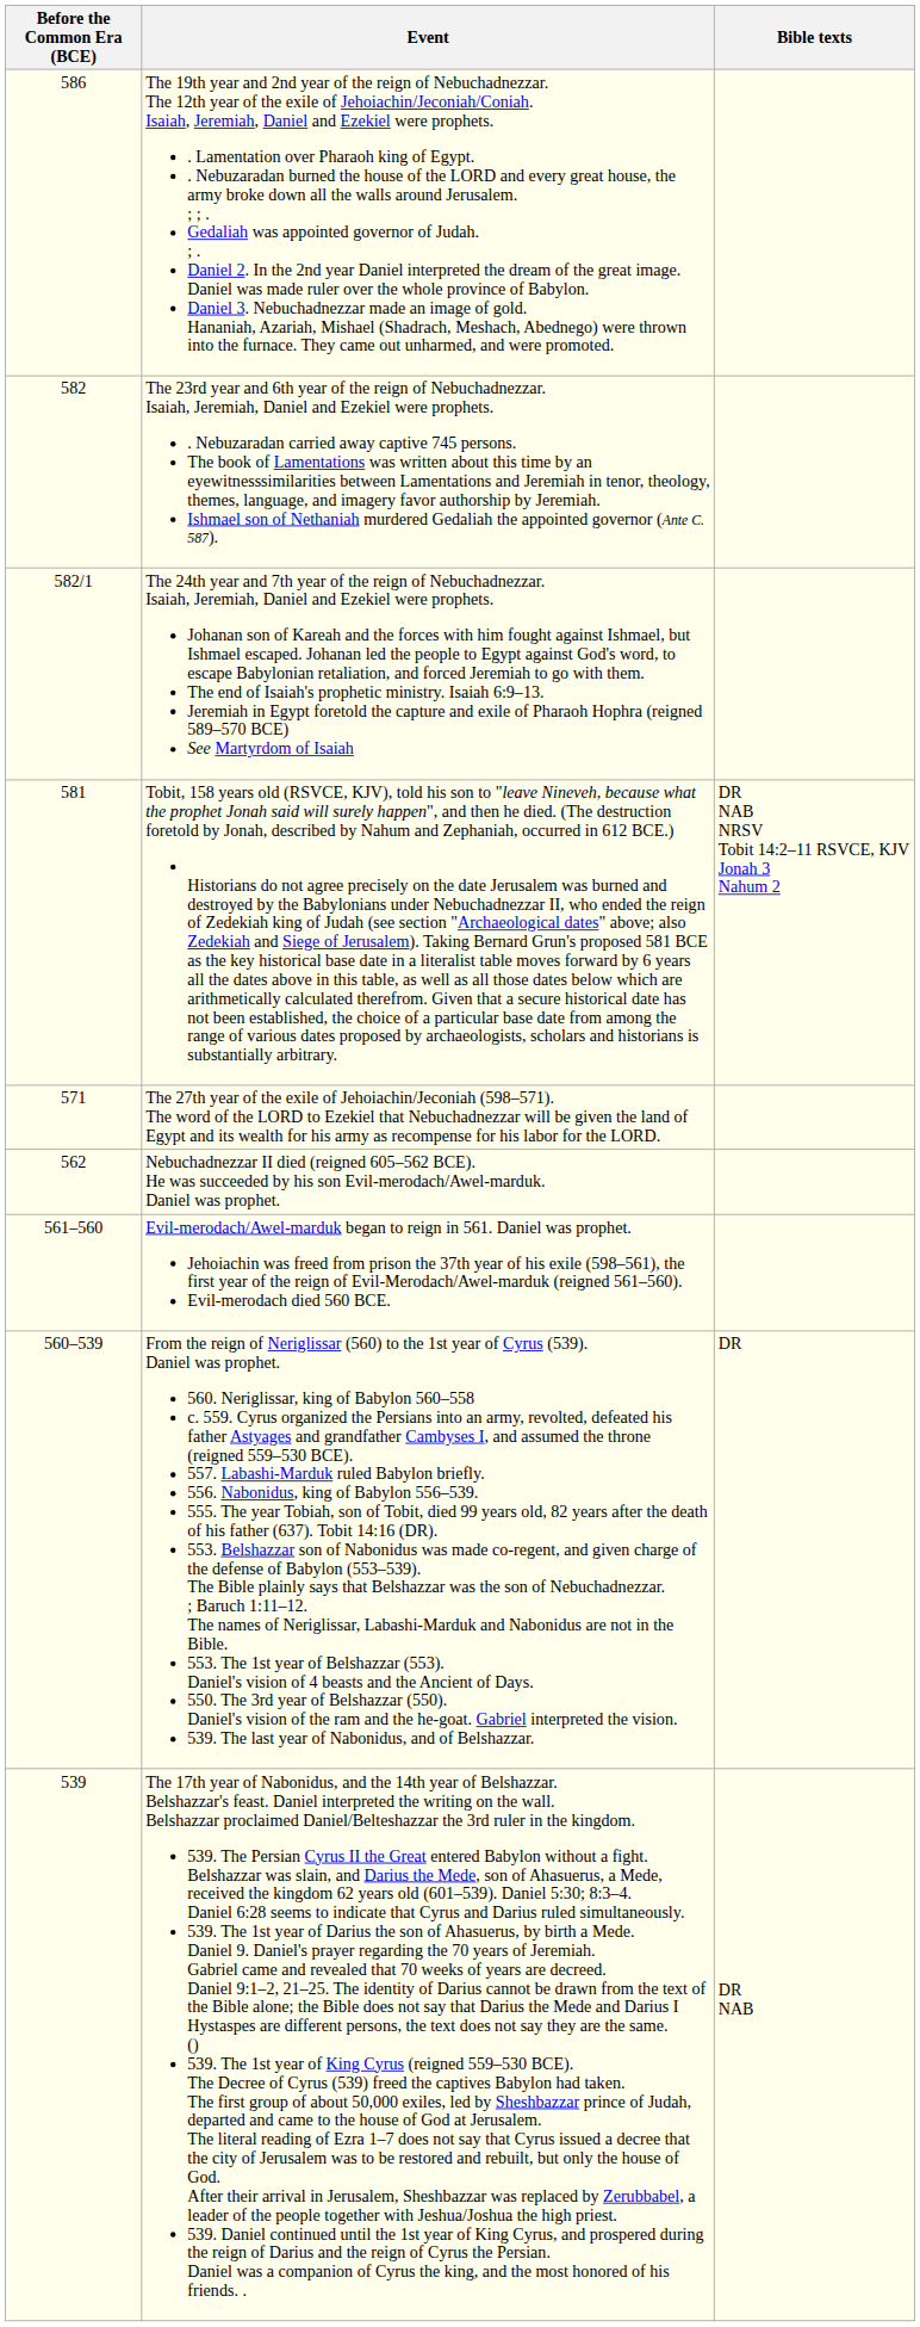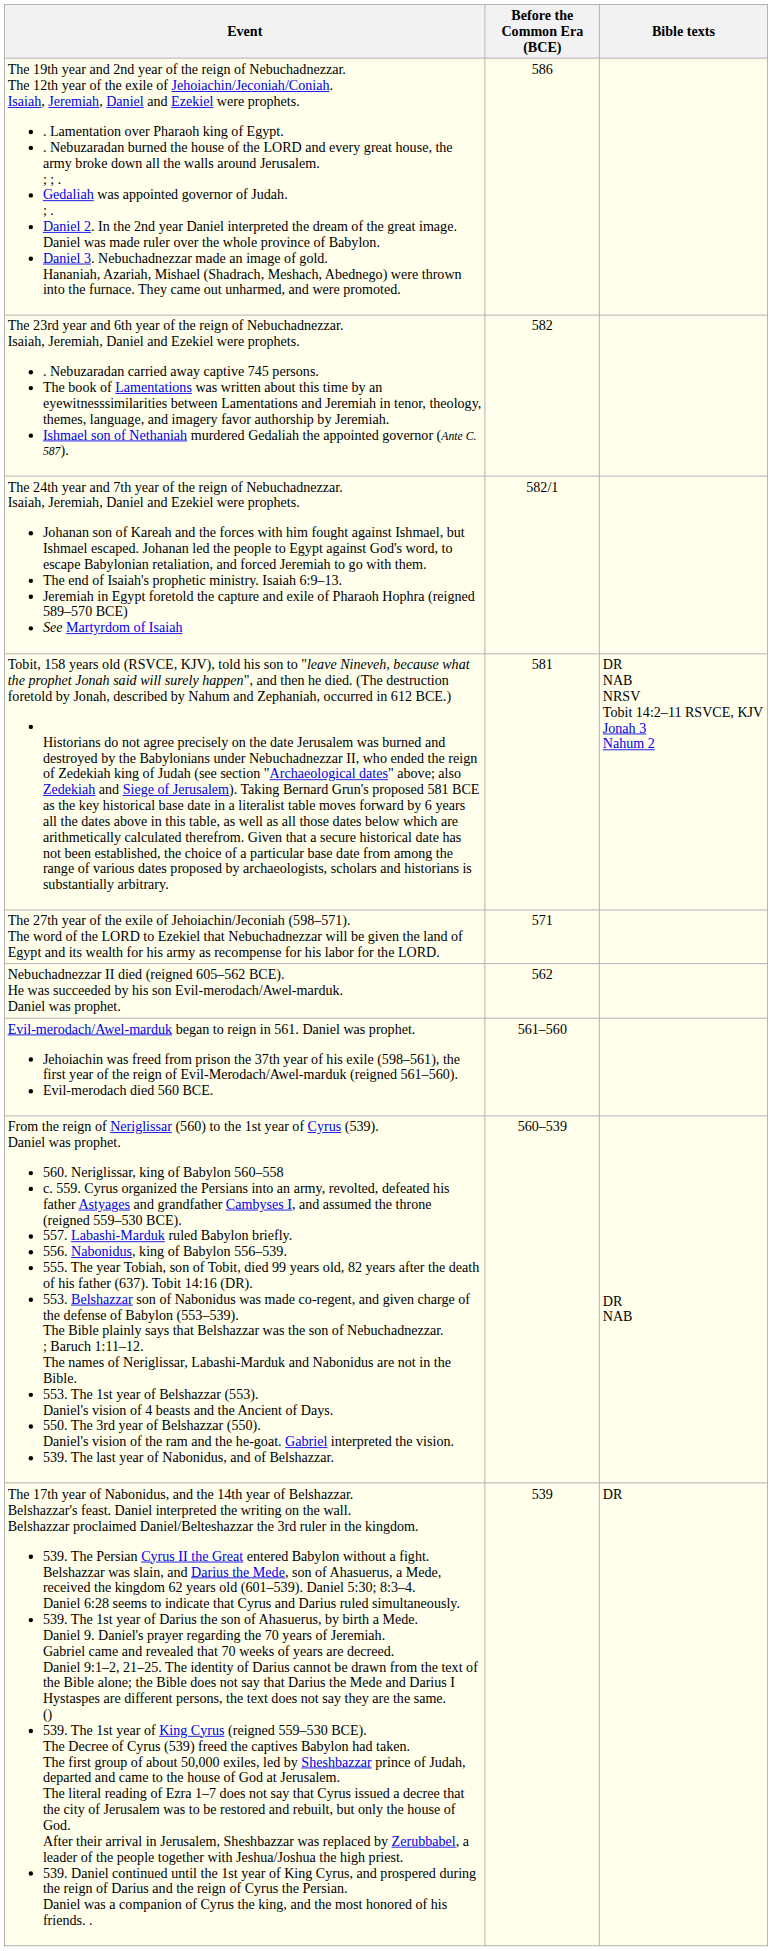 <table class="wikitable" style="align:center;">
 <tr>
+<th style="width:63%;">Event</th>
 <th style="width:15%;">Before the Common Era<br>(BCE)</th>
-<th style="width:63%;">Event</th>
 <th style="width:22%;">Bible texts</th>
 </tr>
 <tr style="text-align:left; background:#ffffec; vertical-align:top;">
+<td>The 19th year and 2nd year of the reign of Nebuchadnezzar. <br> The 12th year of the exile of <a href='#'>Jehoiachin/Jeconiah/Coniah</a>. <br> <a href='#'>Isaiah</a>, <a href='#'>Jeremiah</a>, <a href='#'>Daniel</a> and <a href='#'>Ezekiel</a> were prophets.<br><ul><li>. Lamentation over Pharaoh king of Egypt.</li><li>. Nebuzaradan burned the house of the LORD and every great house, the army broke down all the walls around Jerusalem. <br> ; ; .</li><li><a href='#'>Gedaliah</a> was appointed governor of Judah. <br> ; .</li><li><a href='#'>Daniel 2</a>. In the 2nd year Daniel interpreted the dream of the great image. <br> Daniel was made ruler over the whole province of Babylon.</li><li><a href='#'>Daniel 3</a>. Nebuchadnezzar made an image of gold. <br> Hananiah, Azariah, Mishael (Shadrach, Meshach, Abednego) were thrown into the furnace. They came out unharmed, and were promoted.</li></ul></td>
 <td style="text-align:center;">586 <br> </td>
-<td>The 19th year and 2nd year of the reign of Nebuchadnezzar. <br> The 12th year of the exile of <a href='#'>Jehoiachin/Jeconiah/Coniah</a>. <br> <a href='#'>Isaiah</a>, <a href='#'>Jeremiah</a>, <a href='#'>Daniel</a> and <a href='#'>Ezekiel</a> were prophets.<br><ul><li>. Lamentation over Pharaoh king of Egypt.</li><li>. Nebuzaradan burned the house of the LORD and every great house, the army broke down all the walls around Jerusalem. <br> ; ; .</li><li><a href='#'>Gedaliah</a> was appointed governor of Judah. <br> ; .</li><li><a href='#'>Daniel 2</a>. In the 2nd year Daniel interpreted the dream of the great image. <br> Daniel was made ruler over the whole province of Babylon.</li><li><a href='#'>Daniel 3</a>. Nebuchadnezzar made an image of gold. <br> Hananiah, Azariah, Mishael (Shadrach, Meshach, Abednego) were thrown into the furnace. They came out unharmed, and were promoted.</li></ul></td>
 <td> <br>  <br>  <br>  <br><br>  <br>  <br>  <br> </td>
 </tr>
 <tr style="text-align:left; background:#ffffec; vertical-align:top;">
+<td>The 23rd year and 6th year of the reign of Nebuchadnezzar. <br> Isaiah, Jeremiah, Daniel and Ezekiel were prophets.<br><ul><li>. Nebuzaradan carried away captive 745 persons.</li><li>The book of <a href='#'>Lamentations</a> was written about this time by an eyewitnesssimilarities between Lamentations and Jeremiah in tenor, theology, themes, language, and imagery favor authorship by Jeremiah.</li><li><a href='#'>Ishmael son of Nethaniah</a> murdered Gedaliah the appointed governor (<small><em>Ante C. 587</em></small>).</li></ul></td>
 <td style="text-align:center;">582 <br> </td>
-<td>The 23rd year and 6th year of the reign of Nebuchadnezzar. <br> Isaiah, Jeremiah, Daniel and Ezekiel were prophets.<br><ul><li>. Nebuzaradan carried away captive 745 persons.</li><li>The book of <a href='#'>Lamentations</a> was written about this time by an eyewitnesssimilarities between Lamentations and Jeremiah in tenor, theology, themes, language, and imagery favor authorship by Jeremiah.</li><li><a href='#'>Ishmael son of Nethaniah</a> murdered Gedaliah the appointed governor (<small><em>Ante C. 587</em></small>).</li></ul></td>
 <td> <br>  <br> </td>
 </tr>
 <tr style="text-align:left; background:#ffffec; vertical-align:top;">
+<td>The 24th year and 7th year of the reign of Nebuchadnezzar. <br> Isaiah, Jeremiah, Daniel and Ezekiel were prophets.<br><ul><li>Johanan son of Kareah and the forces with him fought against Ishmael, but Ishmael escaped. Johanan led the people to Egypt against God's word, to escape Babylonian retaliation, and forced Jeremiah to go with them.</li><li>The end of Isaiah's prophetic ministry. Isaiah 6:9–13.</li><li>Jeremiah in Egypt foretold the capture and exile of Pharaoh Hophra (reigned 589–570 BCE)</li><li><em>See</em> <a href='#'>Martyrdom of Isaiah</a></li></ul></td>
 <td style="text-align:center;">582/1</td>
-<td>The 24th year and 7th year of the reign of Nebuchadnezzar. <br> Isaiah, Jeremiah, Daniel and Ezekiel were prophets.<br><ul><li>Johanan son of Kareah and the forces with him fought against Ishmael, but Ishmael escaped. Johanan led the people to Egypt against God's word, to escape Babylonian retaliation, and forced Jeremiah to go with them.</li><li>The end of Isaiah's prophetic ministry. Isaiah 6:9–13.</li><li>Jeremiah in Egypt foretold the capture and exile of Pharaoh Hophra (reigned 589–570 BCE)</li><li><em>See</em> <a href='#'>Martyrdom of Isaiah</a></li></ul></td>
 <td> <br> </td>
 </tr>
 <tr style="text-align:left; background:#ffffec; vertical-align:top;">
+<td>Tobit, 158 years old (RSVCE, KJV), told his son to "<em>leave Nineveh, because what the prophet Jonah said will surely happen</em>", and then he died. (The destruction foretold by Jonah, described by Nahum and Zephaniah, occurred in 612 BCE.)<br><ul><li> <br> Historians do not agree precisely on the date Jerusalem was burned and destroyed by the Babylonians under Nebuchadnezzar II, who ended the reign of Zedekiah king of Judah (see section "<a href='#'>Archaeological dates</a>" above; also <a href='#'>Zedekiah</a> and <a href='#'>Siege of Jerusalem</a>). Taking Bernard Grun's proposed 581 BCE as the key historical base date in a literalist table moves forward by 6 years all the dates above in this table, as well as all those dates below which are arithmetically calculated therefrom. Given that a secure historical date has not been established, the choice of a particular base date from among the range of various dates proposed by archaeologists, scholars and historians is substantially arbitrary.</li></ul></td>
 <td style="text-align:center;">581</td>
-<td>Tobit, 158 years old (RSVCE, KJV), told his son to "<em>leave Nineveh, because what the prophet Jonah said will surely happen</em>", and then he died. (The destruction foretold by Jonah, described by Nahum and Zephaniah, occurred in 612 BCE.)<br><ul><li> <br> Historians do not agree precisely on the date Jerusalem was burned and destroyed by the Babylonians under Nebuchadnezzar II, who ended the reign of Zedekiah king of Judah (see section "<a href='#'>Archaeological dates</a>" above; also <a href='#'>Zedekiah</a> and <a href='#'>Siege of Jerusalem</a>). Taking Bernard Grun's proposed 581 BCE as the key historical base date in a literalist table moves forward by 6 years all the dates above in this table, as well as all those dates below which are arithmetically calculated therefrom. Given that a secure historical date has not been established, the choice of a particular base date from among the range of various dates proposed by archaeologists, scholars and historians is substantially arbitrary.</li></ul></td>
 <td> DR <br>  NAB <br>  NRSV <br> Tobit 14:2–11 RSVCE, KJV <br> <a href='#'>Jonah 3</a> <br> <a href='#'>Nahum 2</a> <br> </td>
 </tr>
 <tr style="text-align:left; background:#ffffec; vertical-align:top;">
+<td>The 27th year of the exile of Jehoiachin/Jeconiah (598–571). <br> The word of the LORD to Ezekiel that Nebuchadnezzar will be given the land of Egypt and its wealth for his army as recompense for his labor for the LORD.</td>
 <td style="text-align:center;">571</td>
-<td>The 27th year of the exile of Jehoiachin/Jeconiah (598–571). <br> The word of the LORD to Ezekiel that Nebuchadnezzar will be given the land of Egypt and its wealth for his army as recompense for his labor for the LORD.</td>
 <td></td>
 </tr>
 <tr style="text-align:left; background:#ffffec; vertical-align:top;">
+<td>Nebuchadnezzar II died (reigned 605–562 BCE). <br> He was succeeded by his son Evil-merodach/Awel-marduk. <br> Daniel was prophet.</td>
 <td style="text-align:center;">562 <br> </td>
-<td>Nebuchadnezzar II died (reigned 605–562 BCE). <br> He was succeeded by his son Evil-merodach/Awel-marduk. <br> Daniel was prophet.</td>
 <td></td>
 </tr>
 <tr style="text-align:left; background:#ffffec; vertical-align:top;">
+<td><a href='#'>Evil-merodach/Awel-marduk</a> began to reign in 561. Daniel was prophet.<br><ul><li>Jehoiachin was freed from prison the 37th year of his exile (598–561), the first year of the reign of Evil-Merodach/Awel-marduk (reigned 561–560).</li><li>Evil-merodach died 560 BCE.</li></ul></td>
 <td style="text-align:center;">561–560</td>
-<td><a href='#'>Evil-merodach/Awel-marduk</a> began to reign in 561. Daniel was prophet.<br><ul><li>Jehoiachin was freed from prison the 37th year of his exile (598–561), the first year of the reign of Evil-Merodach/Awel-marduk (reigned 561–560).</li><li>Evil-merodach died 560 BCE.</li></ul></td>
 <td> <br> </td>
 </tr>
 <tr style="text-align:left; background:#ffffec; vertical-align:top;">
+<td>From the reign of <a href='#'>Neriglissar</a> (560) to the 1st year of <a href='#'>Cyrus</a> (539). <br> Daniel was prophet.<br><ul><li>560. Neriglissar, king of Babylon 560–558</li><li>c. 559. Cyrus organized the Persians into an army, revolted, defeated his father <a href='#'>Astyages</a> and grandfather <a href='#'>Cambyses I</a>, and assumed the throne (reigned 559–530 BCE).</li><li>557. <a href='#'>Labashi-Marduk</a> ruled Babylon briefly.</li><li>556. <a href='#'>Nabonidus</a>, king of Babylon 556–539.</li><li>555. The year Tobiah, son of Tobit, died 99 years old, 82 years after the death of his father (637). Tobit 14:16 (DR).</li><li>553. <a href='#'>Belshazzar</a> son of Nabonidus was made co-regent, and given charge of the defense of Babylon (553–539). <br> The Bible plainly says that Belshazzar was the son of Nebuchadnezzar. <br> ; Baruch 1:11–12. <br> The names of Neriglissar, Labashi-Marduk and Nabonidus are not in the Bible.</li><li>553. The 1st year of Belshazzar (553). <br> Daniel's vision of 4 beasts and the Ancient of Days.</li><li>550. The 3rd year of Belshazzar (550). <br> Daniel's vision of the ram and the he-goat. <a href='#'>Gabriel</a> interpreted the vision.</li><li>539. The last year of Nabonidus, and of Belshazzar.</li></ul></td>
 <td style="text-align:center;">560–539</td>
-<td>From the reign of <a href='#'>Neriglissar</a> (560) to the 1st year of <a href='#'>Cyrus</a> (539). <br> Daniel was prophet.<br><ul><li>560. Neriglissar, king of Babylon 560–558</li><li>c. 559. Cyrus organized the Persians into an army, revolted, defeated his father <a href='#'>Astyages</a> and grandfather <a href='#'>Cambyses I</a>, and assumed the throne (reigned 559–530 BCE).</li><li>557. <a href='#'>Labashi-Marduk</a> ruled Babylon briefly.</li><li>556. <a href='#'>Nabonidus</a>, king of Babylon 556–539.</li><li>555. The year Tobiah, son of Tobit, died 99 years old, 82 years after the death of his father (637). Tobit 14:16 (DR).</li><li>553. <a href='#'>Belshazzar</a> son of Nabonidus was made co-regent, and given charge of the defense of Babylon (553–539). <br> The Bible plainly says that Belshazzar was the son of Nebuchadnezzar. <br> ; Baruch 1:11–12. <br> The names of Neriglissar, Labashi-Marduk and Nabonidus are not in the Bible.</li><li>553. The 1st year of Belshazzar (553). <br> Daniel's vision of 4 beasts and the Ancient of Days.</li><li>550. The 3rd year of Belshazzar (550). <br> Daniel's vision of the ram and the he-goat. <a href='#'>Gabriel</a> interpreted the vision.</li><li>539. The last year of Nabonidus, and of Belshazzar.</li></ul></td>
+<td> <br>  <br>  <br>  <br>  <br>  <br>  <br>  <br>  <br>  <br>  <br>  DR <br>  NAB</td>
+</tr>
+<tr style="text-align:left; background:#ffffec; vertical-align:top;">
+<td>The 17th year of Nabonidus, and the 14th year of Belshazzar. <br> Belshazzar's feast. Daniel interpreted the writing on the wall. <br> Belshazzar proclaimed Daniel/Belteshazzar the 3rd ruler in the kingdom.<br><ul><li>539. The Persian <a href='#'>Cyrus II the Great</a> entered Babylon without a fight. <br> Belshazzar was slain, and <a href='#'>Darius the Mede</a>, son of Ahasuerus, a Mede, received the kingdom 62 years old (601–539). Daniel 5:30; 8:3–4. <br> Daniel 6:28 seems to indicate that Cyrus and Darius ruled simultaneously.</li><li>539. The 1st year of Darius the son of Ahasuerus, by birth a Mede. <br> Daniel 9. Daniel's prayer regarding the 70 years of Jeremiah. <br> Gabriel came and revealed that 70 weeks of years are decreed. <br> Daniel 9:1–2, 21–25. The identity of Darius cannot be drawn from the text of the Bible alone; the Bible does not say that Darius the Mede and Darius I Hystaspes are different persons, the text does not say they are the same. <br> ()</li><li>539. The 1st year of <a href='#'>King Cyrus</a> (reigned 559–530 BCE). <br> The Decree of Cyrus (539) freed the captives Babylon had taken. <br> The first group of about 50,000 exiles, led by <a href='#'>Sheshbazzar</a> prince of Judah, departed and came to the house of God at Jerusalem. <br> The literal reading of Ezra 1–7 does not say that Cyrus issued a decree that the city of Jerusalem was to be restored and rebuilt, but only the house of God. <br> After their arrival in Jerusalem, Sheshbazzar was replaced by <a href='#'>Zerubbabel</a>, a leader of the people together with Jeshua/Joshua the high priest.</li><li>539. Daniel continued until the 1st year of King Cyrus, and prospered during the reign of Darius and the reign of Cyrus the Persian. <br> Daniel was a companion of Cyrus the king, and the most honored of his friends. .</li></ul></td>
+<td style="text-align:center;">539 <br> </td>
 <td> DR <br>  <br>  <br>  <br> </td>
 </tr>
-<tr style="text-align:left; background:#ffffec; vertical-align:top;">
-<td style="text-align:center;">539 <br> </td>
-<td>The 17th year of Nabonidus, and the 14th year of Belshazzar. <br> Belshazzar's feast. Daniel interpreted the writing on the wall. <br> Belshazzar proclaimed Daniel/Belteshazzar the 3rd ruler in the kingdom.<br><ul><li>539. The Persian <a href='#'>Cyrus II the Great</a> entered Babylon without a fight. <br> Belshazzar was slain, and <a href='#'>Darius the Mede</a>, son of Ahasuerus, a Mede, received the kingdom 62 years old (601–539). Daniel 5:30; 8:3–4. <br> Daniel 6:28 seems to indicate that Cyrus and Darius ruled simultaneously.</li><li>539. The 1st year of Darius the son of Ahasuerus, by birth a Mede. <br> Daniel 9. Daniel's prayer regarding the 70 years of Jeremiah. <br> Gabriel came and revealed that 70 weeks of years are decreed. <br> Daniel 9:1–2, 21–25. The identity of Darius cannot be drawn from the text of the Bible alone; the Bible does not say that Darius the Mede and Darius I Hystaspes are different persons, the text does not say they are the same. <br> ()</li><li>539. The 1st year of <a href='#'>King Cyrus</a> (reigned 559–530 BCE). <br> The Decree of Cyrus (539) freed the captives Babylon had taken. <br> The first group of about 50,000 exiles, led by <a href='#'>Sheshbazzar</a> prince of Judah, departed and came to the house of God at Jerusalem. <br> The literal reading of Ezra 1–7 does not say that Cyrus issued a decree that the city of Jerusalem was to be restored and rebuilt, but only the house of God. <br> After their arrival in Jerusalem, Sheshbazzar was replaced by <a href='#'>Zerubbabel</a>, a leader of the people together with Jeshua/Joshua the high priest.</li><li>539. Daniel continued until the 1st year of King Cyrus, and prospered during the reign of Darius and the reign of Cyrus the Persian. <br> Daniel was a companion of Cyrus the king, and the most honored of his friends. .</li></ul></td>
-<td> <br>  <br>  <br>  <br>  <br>  <br>  <br>  <br>  <br>  <br>  <br>  DR <br>  NAB</td>
-</tr>
 </table>
